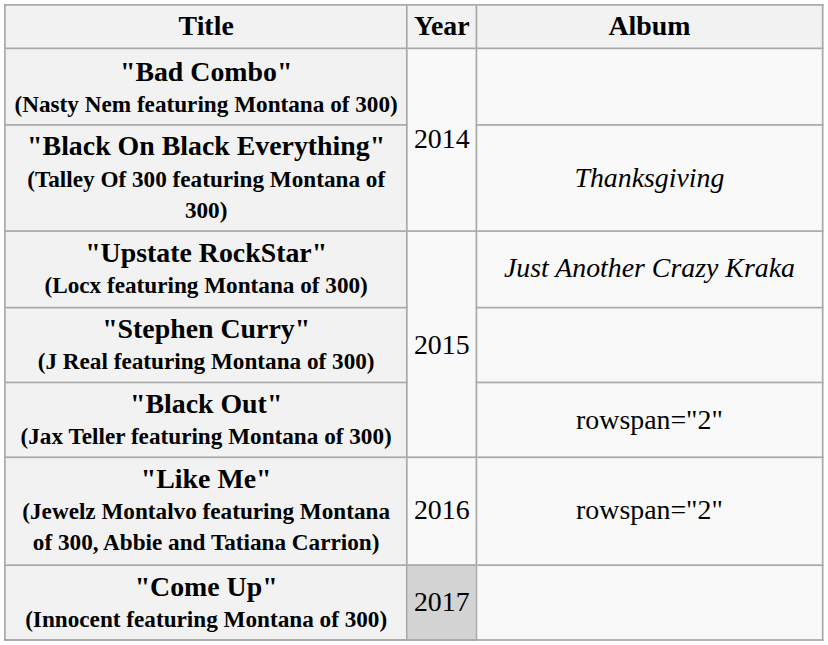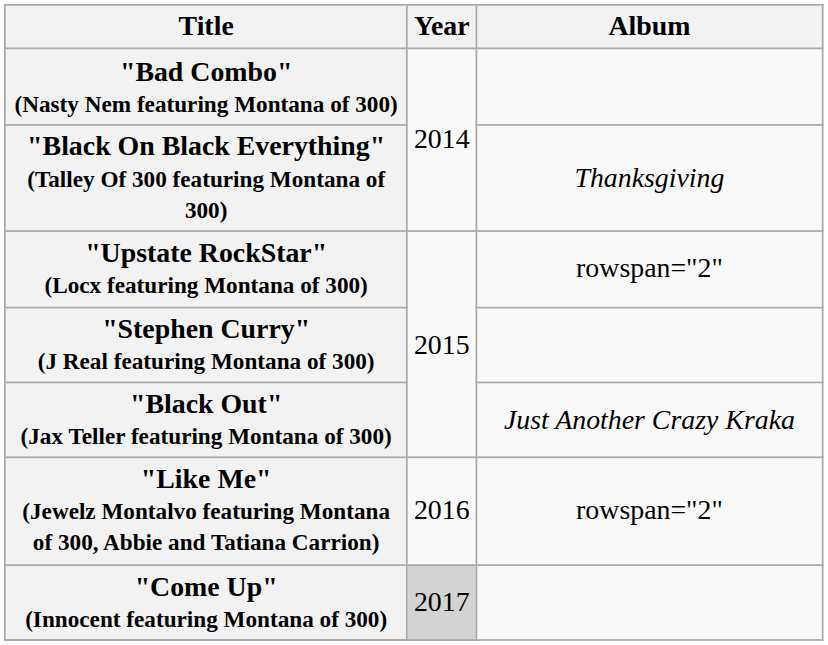 <table class="wikitable plainrowheaders" style="text-align:center;">
 <tr>
 <th scope="col" style="width:14em;">Title</th>
 <th scope="col" style="width:1em;">Year</th>
 <th scope="col" style="width:12em;">Album</th>
 </tr>
 <tr>
 <th scope="row">"Bad Combo"<br><small>(Nasty Nem featuring Montana of 300)</small></th>
 <td rowspan="2">2014</td>
 <td></td>
 </tr>
 <tr>
 <th scope="row">"Black On Black Everything"<br><small>(Talley Of 300 featuring Montana of 300)</small></th>
 <td><em>Thanksgiving</em></td>
 </tr>
 <tr>
 <th scope="row">"Upstate RockStar"<br><small>(Locx featuring Montana of 300)</small></th>
 <td rowspan="3">2015</td>
-<td><em>Just Another Crazy Kraka</em></td>
+<td>rowspan="2" </td>
 </tr>
 <tr>
 <th scope="row">"Stephen Curry"<br><small>(J Real featuring Montana of 300)</small></th>
 </tr>
 <tr>
 <th scope="row">"Black Out"<br><small>(Jax Teller featuring Montana of 300)</small></th>
-<td>rowspan="2" </td>
+<td><em>Just Another Crazy Kraka</em></td>
 </tr>
 <tr>
 <th scope="row">"Like Me"<br><small>(Jewelz Montalvo featuring Montana of 300, Abbie and Tatiana Carrion)</small></th>
 <td>2016</td>
 <td>rowspan="2" </td>
 </tr>
 <tr>
 <th scope="row">"Come Up"<br><small>(Innocent featuring Montana of 300)</small></th>
 <td style="background: lightgrey;">2017</td>
 </tr>
 <tr>
 </tr>
 </table>
